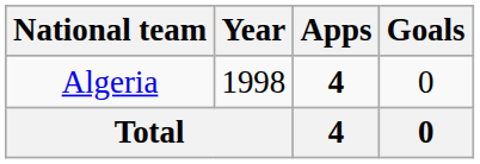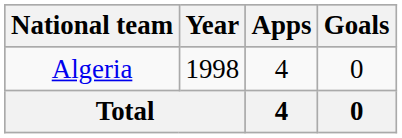 <table class="wikitable" style="text-align:center">
 <tr>
 <th>National team</th>
 <th>Year</th>
 <th>Apps</th>
 <th>Goals</th>
 </tr>
 <tr>
 <td><a href='#'>Algeria</a></td>
 <td>1998</td>
-<td><strong>4</strong></td>
+<td>4</td>
 <td>0</td>
 </tr>
 <tr>
 <th colspan="2">Total</th>
 <th>4</th>
 <th>0</th>
 </tr>
 </table>
